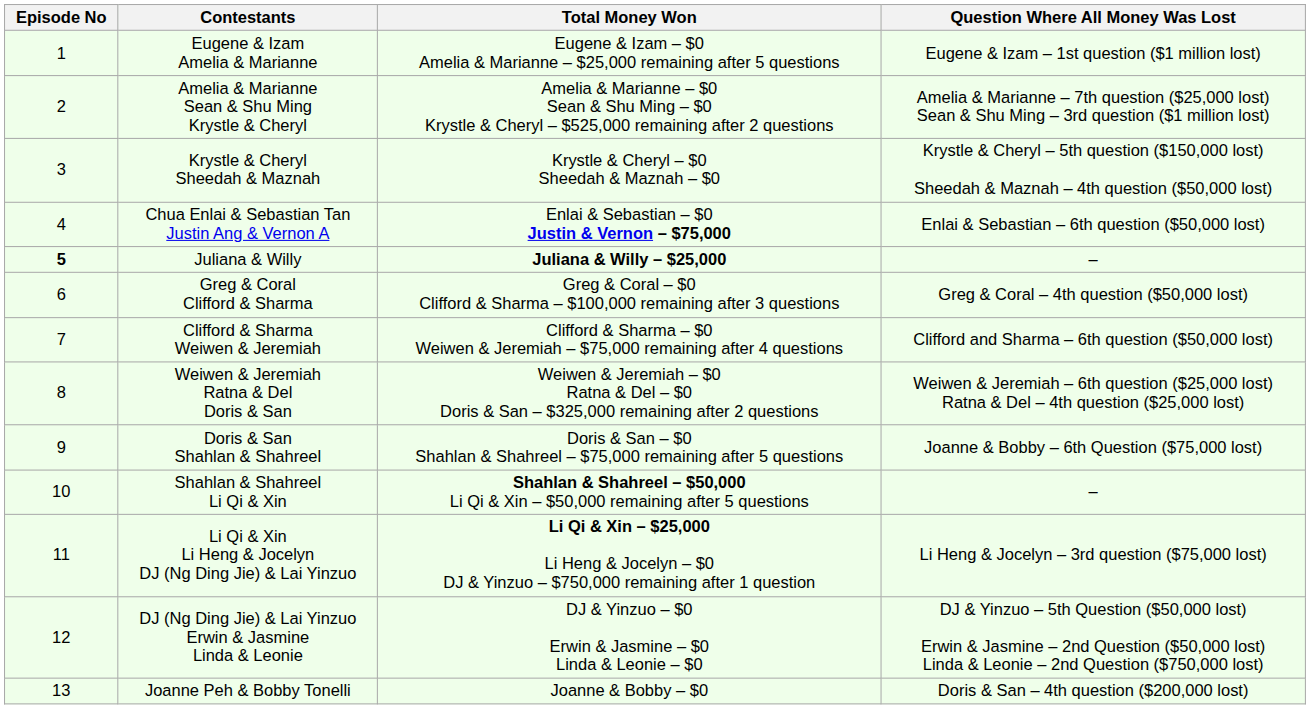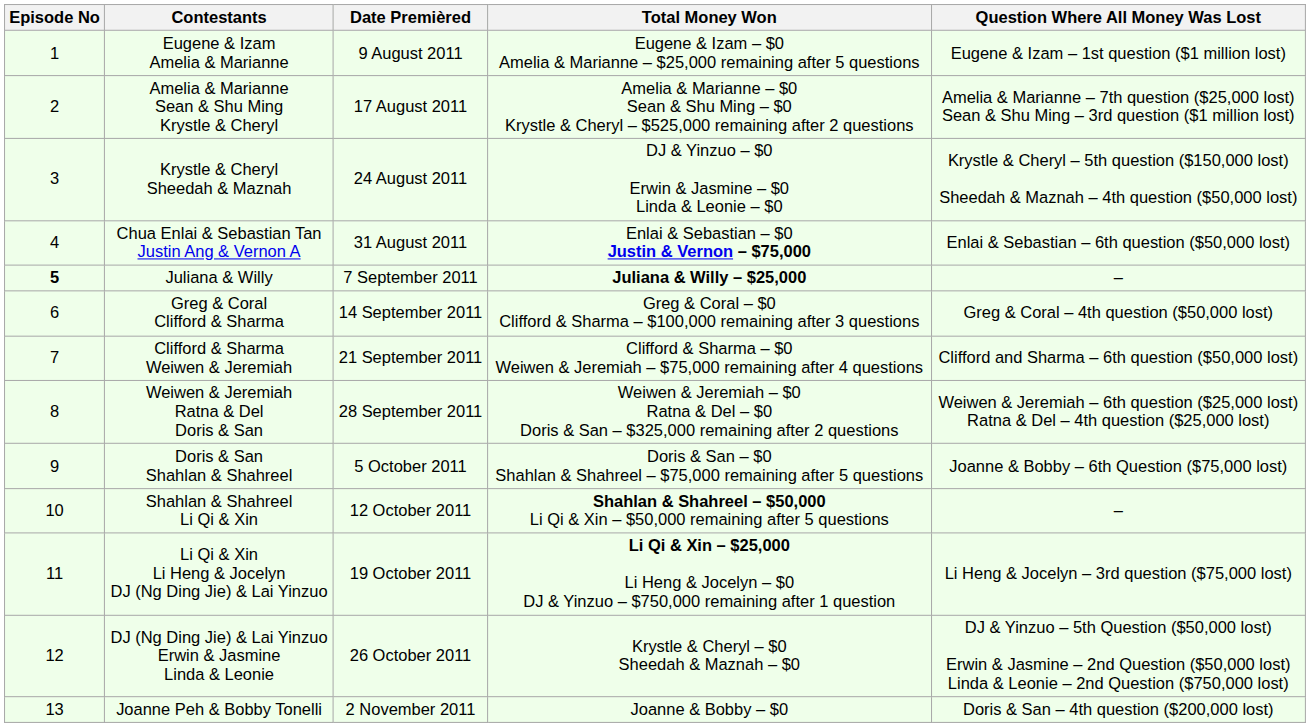 <table class="wikitable" style="text-align:center; width:100%; background:#EFFFEA">
 <tr>
 <th>Episode No</th>
 <th>Contestants</th>
+<th>Date Premièred</th>
 <th>Total Money Won</th>
 <th>Question Where All Money Was Lost</th>
 </tr>
 <tr>
 <td>1</td>
 <td>Eugene & Izam<br>Amelia & Marianne</td>
+<td>9 August 2011</td>
 <td>Eugene & Izam – $0<br>Amelia & Marianne – $25,000 remaining after 5 questions<br></td>
 <td>Eugene & Izam – 1st question ($1 million lost)</td>
 </tr>
 <tr>
 <td>2</td>
 <td>Amelia & Marianne<br>Sean & Shu Ming<br>Krystle & Cheryl</td>
+<td>17 August 2011</td>
 <td>Amelia & Marianne – $0<br>Sean & Shu Ming – $0<br>Krystle & Cheryl – $525,000 remaining after 2 questions<br></td>
 <td>Amelia & Marianne – 7th question ($25,000 lost)<br>Sean & Shu Ming – 3rd question ($1 million lost)</td>
 </tr>
 <tr>
 <td>3</td>
 <td>Krystle & Cheryl<br>Sheedah & Maznah<br></td>
-<td>Krystle & Cheryl – $0<br>Sheedah & Maznah – $0</td>
+<td>24 August 2011</td>
+<td>DJ & Yinzuo – $0<br><br>Erwin & Jasmine – $0<br> Linda & Leonie – $0</td>
 <td>Krystle & Cheryl – 5th question ($150,000 lost)<br><br>Sheedah & Maznah – 4th question ($50,000 lost)</td>
 </tr>
 <tr>
 <td>4</td>
 <td>Chua Enlai & Sebastian Tan <br><a href='#'>Justin Ang & Vernon A</a></td>
+<td>31 August 2011</td>
 <td>Enlai & Sebastian – $0<br><strong><a href='#'>Justin & Vernon</a> – $75,000</strong></td>
 <td>Enlai & Sebastian – 6th question ($50,000 lost)</td>
 </tr>
 <tr>
 <td><strong>5</strong></td>
 <td>Juliana & Willy</td>
+<td>7 September 2011</td>
 <td><strong>Juliana & Willy – $25,000</strong></td>
 <td>–</td>
 </tr>
 <tr>
 <td>6</td>
 <td>Greg & Coral <br>Clifford & Sharma</td>
+<td>14 September 2011</td>
 <td>Greg & Coral – $0<br>Clifford & Sharma – $100,000 remaining after 3 questions</td>
 <td>Greg & Coral – 4th question ($50,000 lost)</td>
 </tr>
 <tr>
 <td>7</td>
 <td>Clifford & Sharma <br>Weiwen & Jeremiah</td>
+<td>21 September 2011</td>
 <td>Clifford & Sharma – $0<br>Weiwen & Jeremiah – $75,000 remaining after 4 questions</td>
 <td>Clifford and Sharma – 6th question ($50,000 lost)</td>
 </tr>
 <tr>
 <td>8</td>
 <td>Weiwen & Jeremiah<br>Ratna & Del<br>Doris & San</td>
+<td>28 September 2011</td>
 <td>Weiwen & Jeremiah – $0<br>Ratna & Del – $0<br>Doris & San – $325,000 remaining after 2 questions</td>
 <td>Weiwen & Jeremiah – 6th question ($25,000 lost)<br>Ratna & Del – 4th question ($25,000 lost)</td>
 </tr>
 <tr>
 <td>9</td>
 <td>Doris & San<br>Shahlan & Shahreel</td>
+<td>5 October 2011</td>
 <td>Doris & San – $0<br>Shahlan & Shahreel – $75,000 remaining after 5 questions</td>
 <td>Joanne & Bobby – 6th Question ($75,000 lost)</td>
 </tr>
 <tr>
 <td>10</td>
 <td>Shahlan & Shahreel<br>Li Qi & Xin</td>
+<td>12 October 2011</td>
 <td><strong>Shahlan & Shahreel – $50,000</strong><br>Li Qi & Xin – $50,000 remaining after 5 questions<br></td>
 <td>–</td>
 </tr>
 <tr>
 <td>11</td>
 <td>Li Qi & Xin<br>Li Heng & Jocelyn<br>DJ (Ng Ding Jie) & Lai Yinzuo</td>
+<td>19 October 2011</td>
 <td><strong>Li Qi & Xin – $25,000</strong><br><br>Li Heng & Jocelyn – $0<br> DJ & Yinzuo – $750,000 remaining after 1 question <br></td>
 <td>Li Heng & Jocelyn – 3rd question ($75,000 lost)</td>
 </tr>
 <tr>
 <td>12</td>
 <td>DJ (Ng Ding Jie) & Lai Yinzuo<br>Erwin & Jasmine<br>Linda & Leonie</td>
-<td>DJ & Yinzuo – $0<br><br>Erwin & Jasmine – $0<br> Linda & Leonie – $0</td>
+<td>26 October 2011</td>
+<td>Krystle & Cheryl – $0<br>Sheedah & Maznah – $0</td>
 <td>DJ & Yinzuo – 5th Question ($50,000 lost)<br><br>Erwin & Jasmine – 2nd Question ($50,000 lost)<br> Linda & Leonie – 2nd Question ($750,000 lost)</td>
 </tr>
 <tr>
 <td>13</td>
 <td>Joanne Peh & Bobby Tonelli</td>
+<td>2 November 2011</td>
 <td>Joanne & Bobby – $0</td>
 <td>Doris & San – 4th question ($200,000 lost)</td>
 </tr>
 </table>
